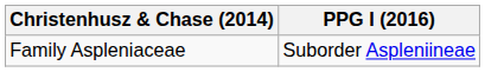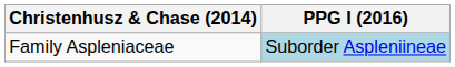 <table class="wikitable">
 <tr>
 <th>Christenhusz & Chase (2014)</th>
 <th>PPG I (2016)</th>
 </tr>
 <tr>
 <td>Family Aspleniaceae<br></td>
-<td>Suborder <a href='#'>Aspleniineae</a><br></td>
+<td style="background: lightblue;">Suborder <a href='#'>Aspleniineae</a><br></td>
 </tr>
 </table>
